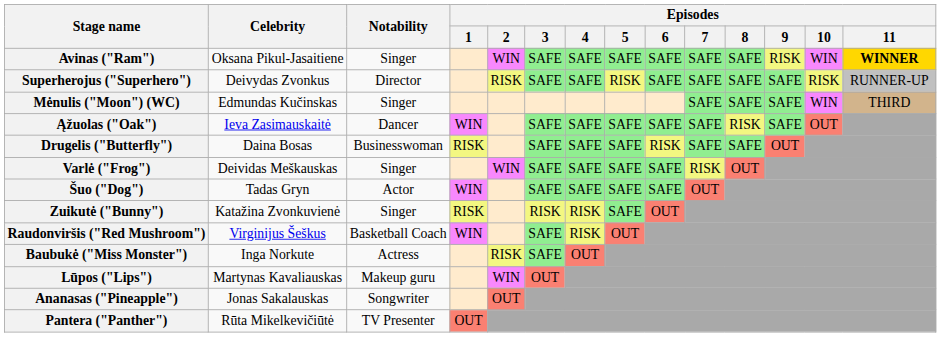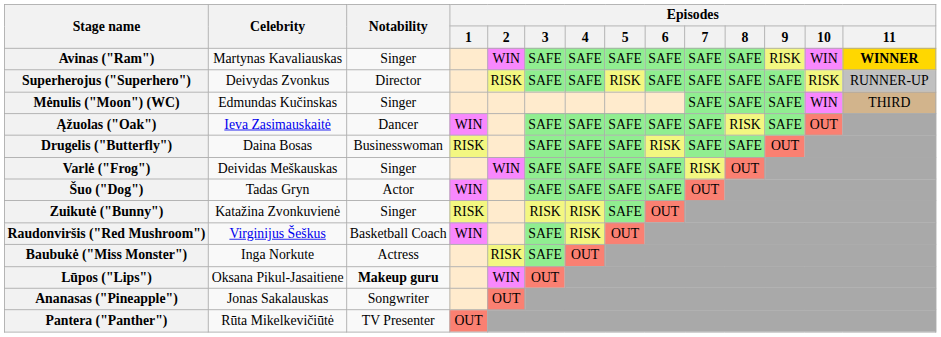 <table class="wikitable" style="text-align:center; ">
 <tr>
 <th rowspan="2">Stage name</th>
 <th rowspan="2">Celebrity</th>
 <th rowspan="2">Notability</th>
 <th colspan="11">Episodes</th>
 </tr>
 <tr>
 <th rowspan="1">1</th>
 <th rowspan="1">2</th>
 <th rowspan="1">3</th>
 <th rowspan="1">4</th>
 <th rowspan="1">5</th>
 <th rowspan="1">6</th>
 <th rowspan="1">7</th>
 <th rowspan="1">8</th>
 <th rowspan="1">9</th>
 <th rowspan="1">10</th>
 <th rowspan="1">11</th>
 </tr>
 <tr>
 <th>Avinas ("Ram")</th>
-<td>Oksana Pikul-Jasaitiene</td>
+<td>Martynas Kavaliauskas</td>
 <td>Singer</td>
 <td bgcolor="#FFEBCD"></td>
 <td bgcolor=#F888FD>WIN</td>
 <td bgcolor="lightgreen">SAFE</td>
 <td bgcolor="lightgreen">SAFE</td>
 <td bgcolor="lightgreen">SAFE</td>
 <td bgcolor="lightgreen">SAFE</td>
 <td bgcolor="lightgreen">SAFE</td>
 <td bgcolor="lightgreen">SAFE</td>
 <td bgcolor="#F3F781">RISK</td>
 <td bgcolor=#F888FD>WIN</td>
 <td bgcolor=gold><strong>WINNER</strong></td>
 </tr>
 <tr>
 <th>Superherojus ("Superhero")</th>
 <td>Deivydas Zvonkus</td>
 <td>Director</td>
 <td bgcolor="#FFEBCD"></td>
 <td bgcolor="#F3F781">RISK</td>
 <td bgcolor="lightgreen">SAFE</td>
 <td bgcolor="lightgreen">SAFE</td>
 <td bgcolor="#F3F781">RISK</td>
 <td bgcolor="lightgreen">SAFE</td>
 <td bgcolor="lightgreen">SAFE</td>
 <td bgcolor="lightgreen">SAFE</td>
 <td bgcolor="lightgreen">SAFE</td>
 <td bgcolor="#F3F781">RISK</td>
 <td bgcolor=silver>RUNNER-UP</td>
 </tr>
 <tr>
 <th>Mėnulis ("Moon") (WC)</th>
 <td>Edmundas Kučinskas</td>
 <td>Singer</td>
 <td bgcolor="#FFEBCD"></td>
 <td bgcolor="#FFEBCD"></td>
 <td bgcolor="#FFEBCD"></td>
 <td bgcolor="#FFEBCD"></td>
 <td bgcolor="#FFEBCD"></td>
 <td bgcolor="#FFEBCD"></td>
 <td bgcolor="lightgreen">SAFE</td>
 <td bgcolor="lightgreen">SAFE</td>
 <td bgcolor="lightgreen">SAFE</td>
 <td bgcolor=#F888FD>WIN</td>
 <td style="width:10%; background:tan;">THIRD</td>
 </tr>
 <tr>
 <th>Ąžuolas ("Oak")</th>
 <td><a href='#'>Ieva Zasimauskaitė</a></td>
 <td>Dancer</td>
 <td bgcolor=#F888FD>WIN</td>
 <td bgcolor="#FFEBCD"></td>
 <td bgcolor="lightgreen">SAFE</td>
 <td bgcolor="lightgreen">SAFE</td>
 <td bgcolor="lightgreen">SAFE</td>
 <td bgcolor="lightgreen">SAFE</td>
 <td bgcolor="lightgreen">SAFE</td>
 <td bgcolor="#F3F781">RISK</td>
 <td bgcolor="lightgreen">SAFE</td>
 <td bgcolor="salmon">OUT</td>
 <td colspan="1" bgcolor=darkgrey></td>
 </tr>
 <tr>
 <th>Drugelis ("Butterfly")</th>
 <td>Daina Bosas</td>
 <td>Businesswoman</td>
 <td bgcolor="#F3F781">RISK</td>
 <td bgcolor="#FFEBCD"></td>
 <td bgcolor="lightgreen">SAFE</td>
 <td bgcolor="lightgreen">SAFE</td>
 <td bgcolor="lightgreen">SAFE</td>
 <td bgcolor="#F3F781">RISK</td>
 <td bgcolor="lightgreen">SAFE</td>
 <td bgcolor="lightgreen">SAFE</td>
 <td bgcolor="salmon">OUT</td>
 <td colspan="2" bgcolor=darkgrey></td>
 </tr>
 <tr>
 <th>Varlė ("Frog")</th>
 <td>Deividas Meškauskas</td>
 <td>Singer</td>
 <td bgcolor="#FFEBCD"></td>
 <td bgcolor=#F888FD>WIN</td>
 <td bgcolor="lightgreen">SAFE</td>
 <td bgcolor="lightgreen">SAFE</td>
 <td bgcolor="lightgreen">SAFE</td>
 <td bgcolor="lightgreen">SAFE</td>
 <td bgcolor="#F3F781">RISK</td>
 <td bgcolor="salmon">OUT</td>
 <td colspan="3" bgcolor=darkgrey></td>
 </tr>
 <tr>
 <th>Šuo ("Dog")</th>
 <td>Tadas Gryn</td>
 <td>Actor</td>
 <td bgcolor=#F888FD>WIN</td>
 <td bgcolor="#FFEBCD"></td>
 <td bgcolor="lightgreen">SAFE</td>
 <td bgcolor="lightgreen">SAFE</td>
 <td bgcolor="lightgreen">SAFE</td>
 <td bgcolor="lightgreen">SAFE</td>
 <td bgcolor="salmon">OUT</td>
 <td colspan="5" bgcolor=darkgrey></td>
 </tr>
 <tr>
 <th>Zuikutė ("Bunny")</th>
 <td>Katažina Zvonkuvienė</td>
 <td>Singer</td>
 <td bgcolor="#F3F781">RISK</td>
 <td bgcolor="#FFEBCD"></td>
 <td bgcolor="#F3F781">RISK</td>
 <td bgcolor="#F3F781">RISK</td>
 <td bgcolor="lightgreen">SAFE</td>
 <td bgcolor="salmon">OUT</td>
 <td colspan="5" bgcolor=darkgrey></td>
 </tr>
 <tr>
 <th>Raudonviršis ("Red Mushroom")</th>
 <td><a href='#'>Virginijus Šeškus</a></td>
 <td>Basketball Coach</td>
 <td bgcolor=#F888FD>WIN</td>
 <td bgcolor="#FFEBCD"></td>
 <td bgcolor="lightgreen">SAFE</td>
 <td bgcolor="#F3F781">RISK</td>
 <td bgcolor="salmon">OUT</td>
 <td colspan="6" bgcolor=darkgrey></td>
 </tr>
 <tr>
 <th>Baubukė ("Miss Monster")</th>
 <td>Inga Norkute</td>
 <td>Actress</td>
 <td bgcolor="#FFEBCD"></td>
 <td bgcolor="#F3F781">RISK</td>
 <td bgcolor="lightgreen">SAFE</td>
 <td bgcolor="salmon">OUT</td>
 <td colspan="7" bgcolor=darkgrey></td>
 </tr>
 <tr>
 <th>Lūpos ("Lips")</th>
-<td>Martynas Kavaliauskas</td>
-<td>Makeup guru</td>
+<td>Oksana Pikul-Jasaitiene</td>
+<td><strong>Makeup guru</strong></td>
 <td bgcolor="#FFEBCD"></td>
 <td bgcolor=#F888FD>WIN</td>
 <td bgcolor="salmon">OUT</td>
 <td colspan="8" bgcolor=darkgrey></td>
 </tr>
 <tr>
 <th>Ananasas ("Pineapple")</th>
 <td>Jonas Sakalauskas</td>
 <td>Songwriter</td>
 <td bgcolor="#FFEBCD"></td>
 <td bgcolor="salmon">OUT</td>
 <td colspan="9" bgcolor=darkgrey></td>
 </tr>
 <tr>
 <th>Pantera ("Panther")</th>
 <td>Rūta Mikelkevičiūtė</td>
 <td>TV Presenter</td>
 <td bgcolor=salmon>OUT</td>
 <td colspan="10" bgcolor=darkgrey></td>
 </tr>
 </table>
